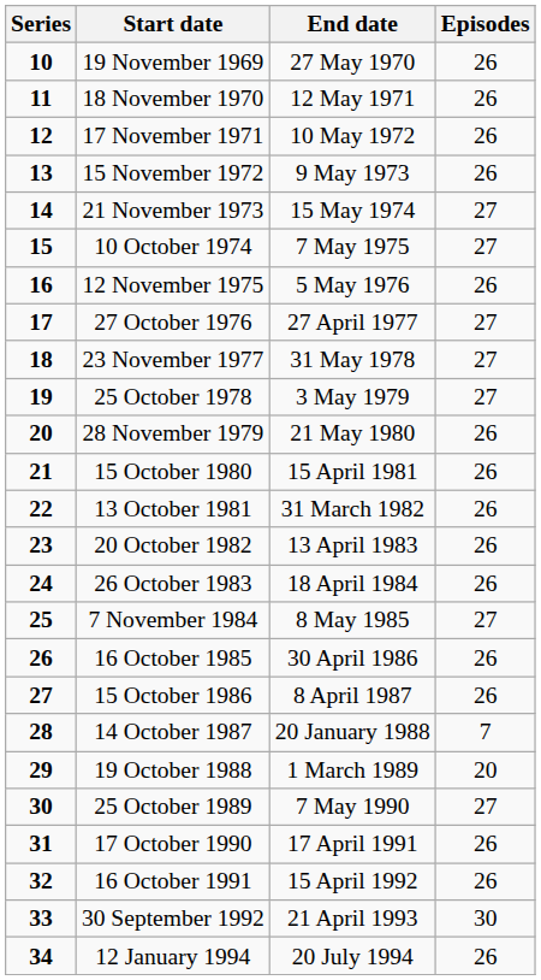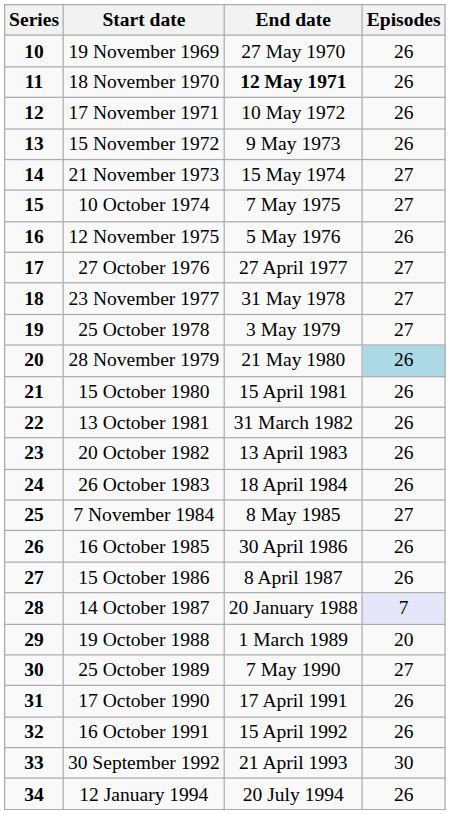 <table class="wikitable" style="text-align:center;">
 <tr>
 <th>Series</th>
 <th>Start date</th>
 <th>End date</th>
 <th>Episodes</th>
 </tr>
 <tr>
 <td><strong>10</strong></td>
 <td>19 November 1969</td>
 <td>27 May 1970</td>
 <td>26</td>
 </tr>
 <tr>
 <td><strong>11</strong></td>
 <td>18 November 1970</td>
-<td>12 May 1971</td>
+<td><strong>12 May 1971</strong></td>
 <td>26</td>
 </tr>
 <tr>
 <td><strong>12</strong></td>
 <td>17 November 1971</td>
 <td>10 May 1972</td>
 <td>26</td>
 </tr>
 <tr>
 <td><strong>13</strong></td>
 <td>15 November 1972</td>
 <td>9 May 1973</td>
 <td>26</td>
 </tr>
 <tr>
 <td><strong>14</strong></td>
 <td>21 November 1973</td>
 <td>15 May 1974</td>
 <td>27</td>
 </tr>
 <tr>
 <td><strong>15</strong></td>
 <td>10 October 1974</td>
 <td>7 May 1975</td>
 <td>27</td>
 </tr>
 <tr>
 <td><strong>16</strong></td>
 <td>12 November 1975</td>
 <td>5 May 1976</td>
 <td>26</td>
 </tr>
 <tr>
 <td><strong>17</strong></td>
 <td>27 October 1976</td>
 <td>27 April 1977</td>
 <td>27</td>
 </tr>
 <tr>
 <td><strong>18</strong></td>
 <td>23 November 1977</td>
 <td>31 May 1978</td>
 <td>27</td>
 </tr>
 <tr>
 <td><strong>19</strong></td>
 <td>25 October 1978</td>
 <td>3 May 1979</td>
 <td>27</td>
 </tr>
 <tr>
 <td><strong>20</strong></td>
 <td>28 November 1979</td>
 <td>21 May 1980</td>
-<td>26</td>
+<td style="background: lightblue;">26</td>
 </tr>
 <tr>
 <td><strong>21</strong></td>
 <td>15 October 1980</td>
 <td>15 April 1981</td>
 <td>26</td>
 </tr>
 <tr>
 <td><strong>22</strong></td>
 <td>13 October 1981</td>
 <td>31 March 1982</td>
 <td>26</td>
 </tr>
 <tr>
 <td><strong>23</strong></td>
 <td>20 October 1982</td>
 <td>13 April 1983</td>
 <td>26</td>
 </tr>
 <tr>
 <td><strong>24</strong></td>
 <td>26 October 1983</td>
 <td>18 April 1984</td>
 <td>26</td>
 </tr>
 <tr>
 <td><strong>25</strong></td>
 <td>7 November 1984</td>
 <td>8 May 1985</td>
 <td>27</td>
 </tr>
 <tr>
 <td><strong>26</strong></td>
 <td>16 October 1985</td>
 <td>30 April 1986</td>
 <td>26</td>
 </tr>
 <tr>
 <td><strong>27</strong></td>
 <td>15 October 1986</td>
 <td>8 April 1987</td>
 <td>26</td>
 </tr>
 <tr>
 <td><strong>28</strong></td>
 <td>14 October 1987</td>
 <td>20 January 1988</td>
-<td>7</td>
+<td style="background: lavender;">7</td>
 </tr>
 <tr>
 <td><strong>29</strong></td>
 <td>19 October 1988</td>
 <td>1 March 1989</td>
 <td>20</td>
 </tr>
 <tr>
 <td><strong>30</strong></td>
 <td>25 October 1989</td>
 <td>7 May 1990</td>
 <td>27</td>
 </tr>
 <tr>
 <td><strong>31</strong></td>
 <td>17 October 1990</td>
 <td>17 April 1991</td>
 <td>26</td>
 </tr>
 <tr>
 <td><strong>32</strong></td>
 <td>16 October 1991</td>
 <td>15 April 1992</td>
 <td>26</td>
 </tr>
 <tr>
 <td><strong>33</strong></td>
 <td>30 September 1992</td>
 <td>21 April 1993</td>
 <td>30</td>
 </tr>
 <tr>
 <td><strong>34</strong></td>
 <td>12 January 1994</td>
 <td>20 July 1994</td>
 <td>26</td>
 </tr>
 <tr>
 </tr>
 </table>
